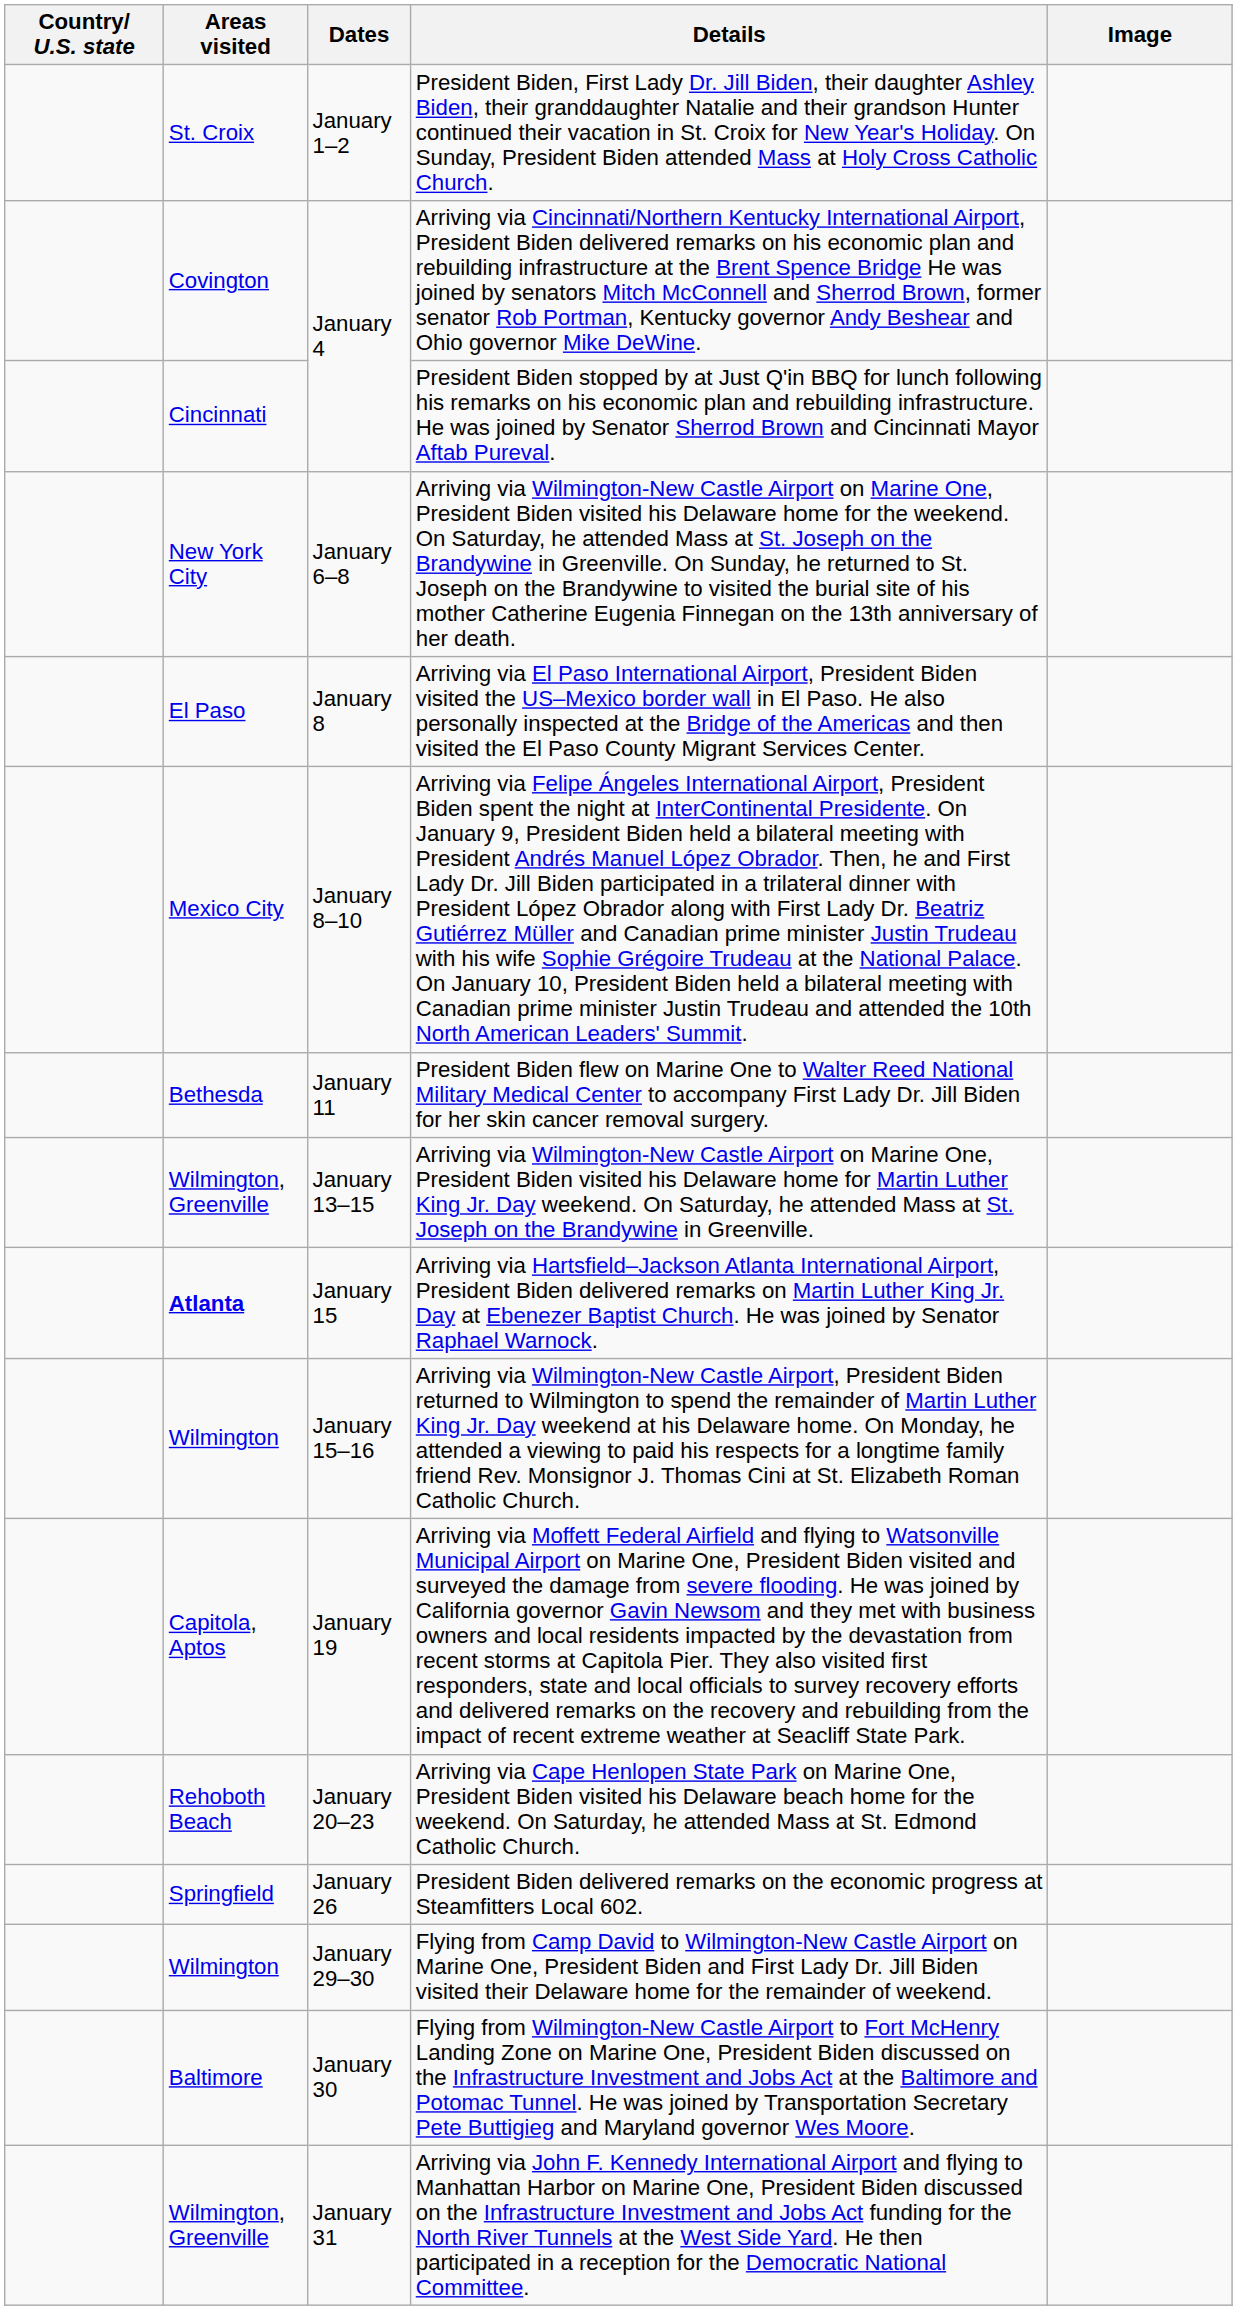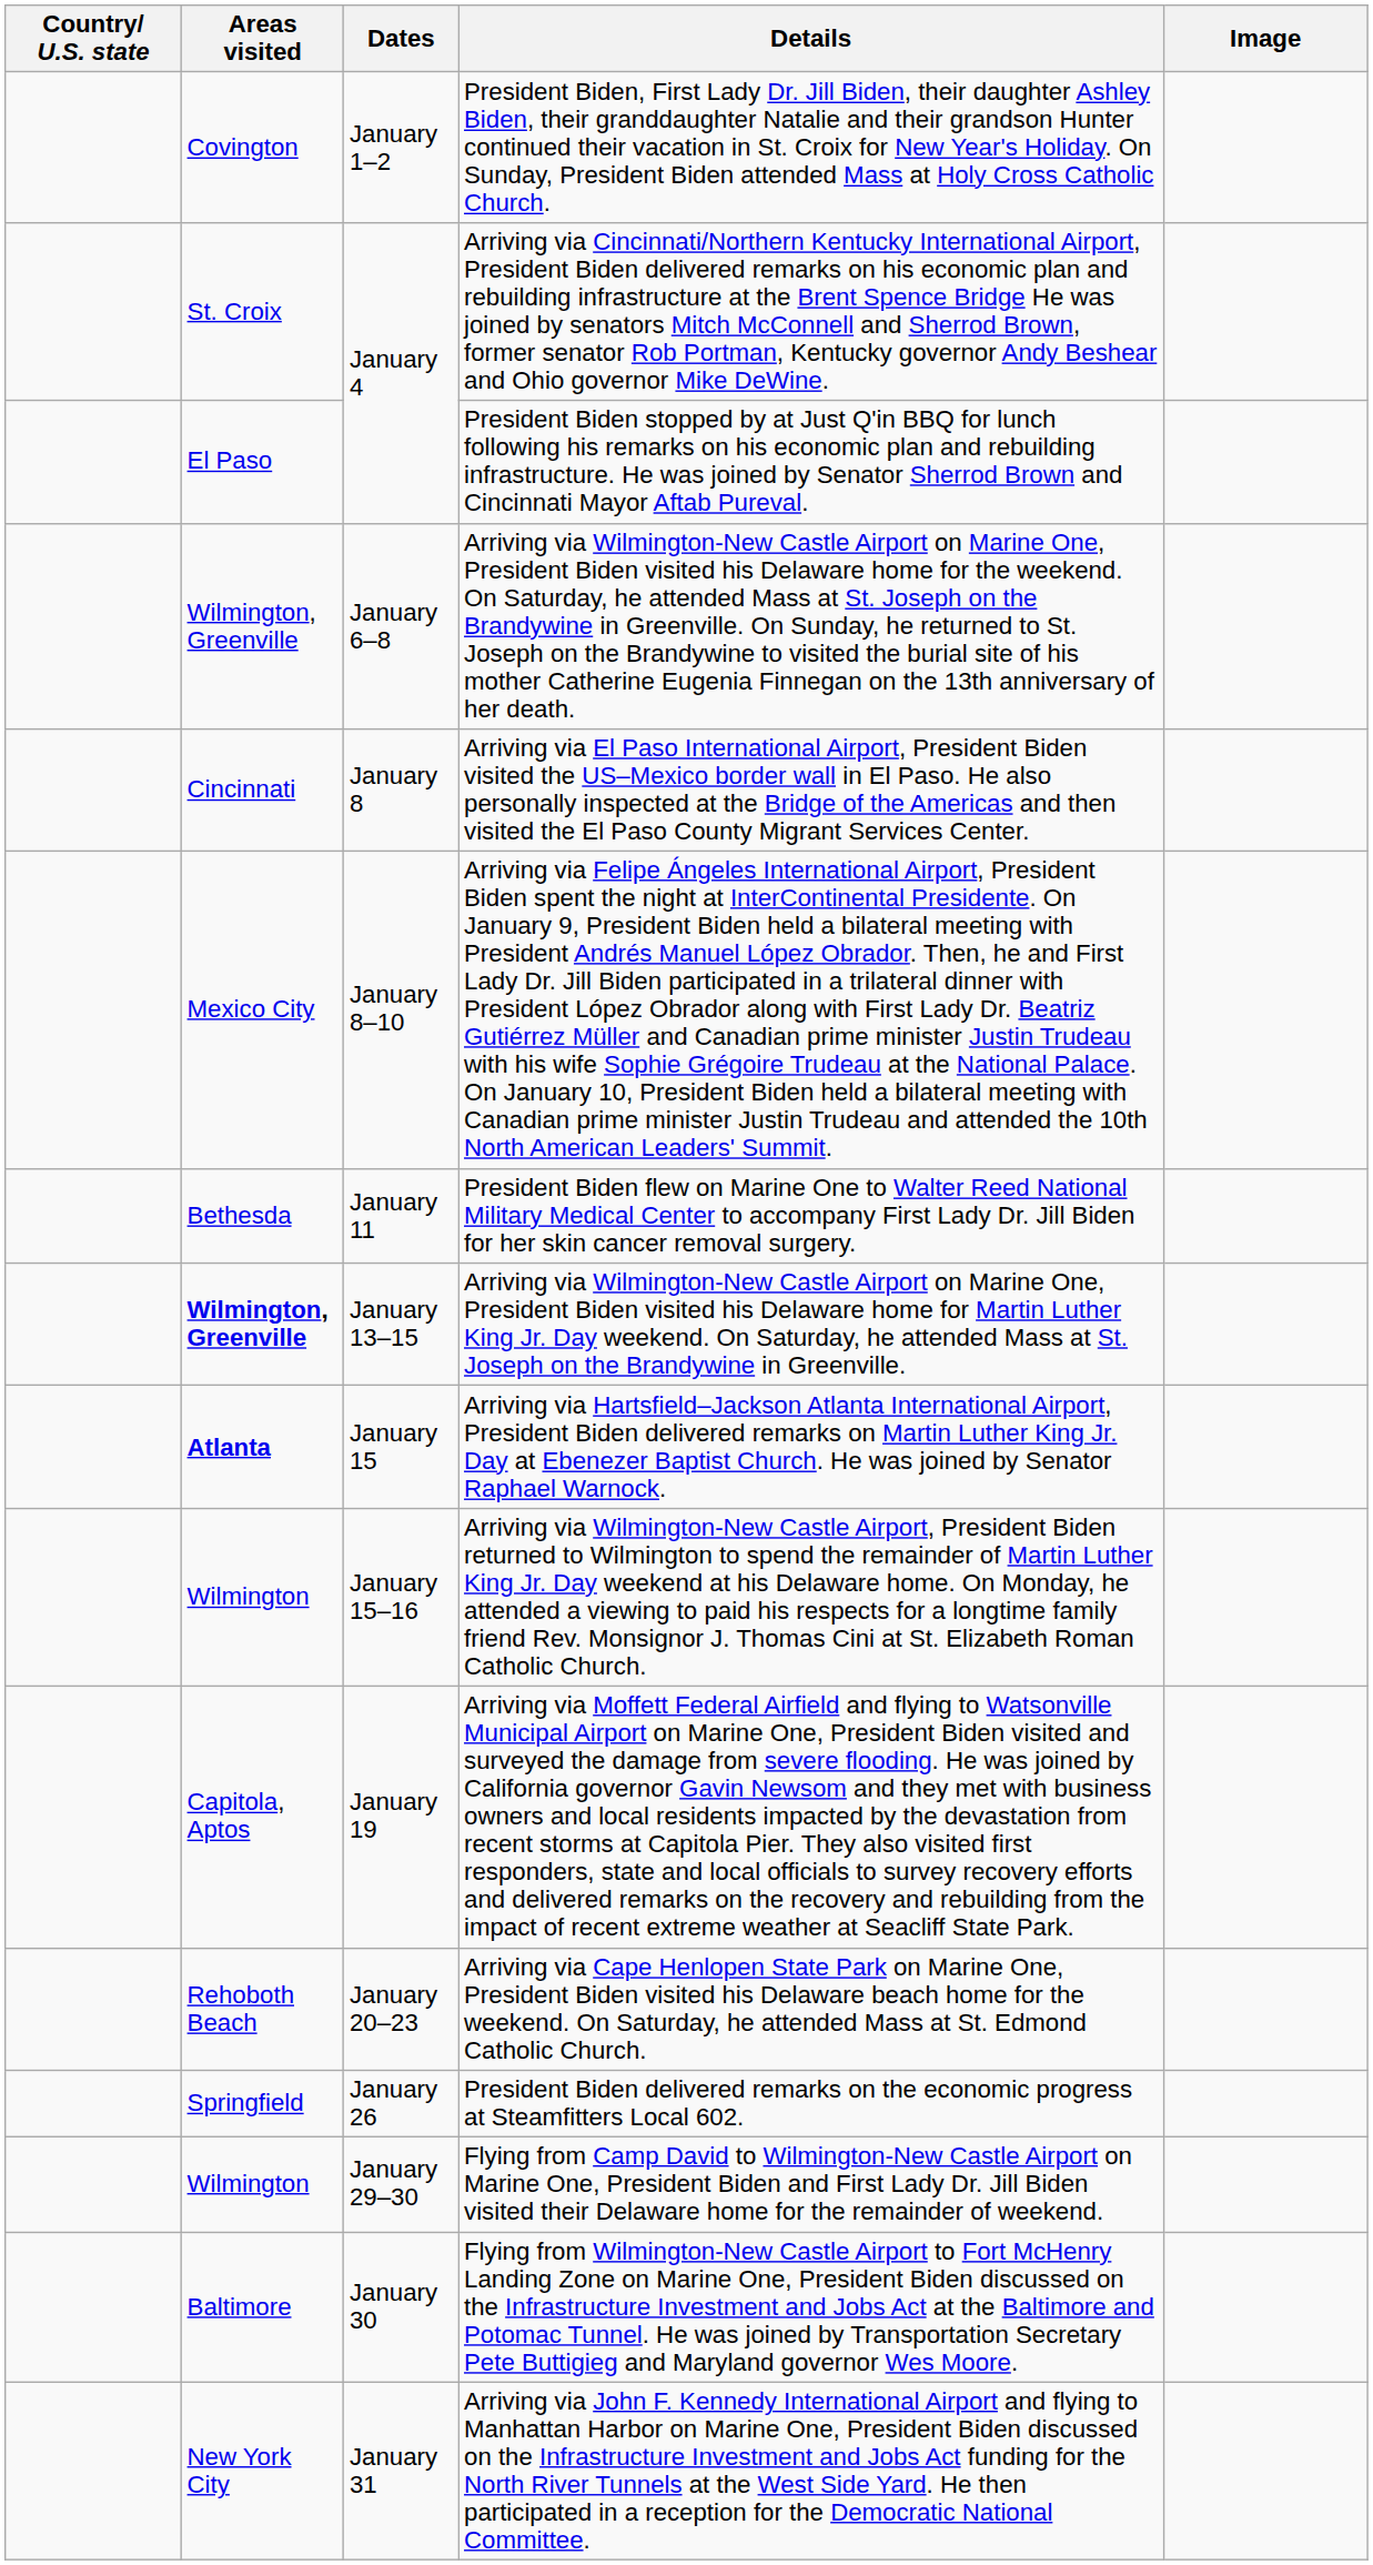 <table class="wikitable" style="margin: 1em auto 1em auto">
 <tr>
 <th width=120>Country/<br><em>U.S. state</em></th>
 <th width=100>Areas visited</th>
 <th width=70>Dates</th>
 <th width=550>Details</th>
 <th width=150>Image</th>
 </tr>
 <tr>
 <td></td>
-<td><a href='#'>St. Croix</a></td>
+<td><a href='#'>Covington</a></td>
 <td>January 1–2</td>
 <td>President Biden, First Lady <a href='#'>Dr. Jill Biden</a>, their daughter <a href='#'>Ashley Biden</a>, their granddaughter Natalie and their grandson Hunter continued their vacation in St. Croix for <a href='#'>New Year's Holiday</a>. On Sunday, President Biden attended <a href='#'>Mass</a> at <a href='#'>Holy Cross Catholic Church</a>.</td>
 <td></td>
 </tr>
 <tr>
 <td></td>
-<td><a href='#'>Covington</a></td>
+<td><a href='#'>St. Croix</a></td>
 <td rowspan="2">January 4</td>
 <td>Arriving via <a href='#'>Cincinnati/Northern Kentucky International Airport</a>, President Biden delivered remarks on his economic plan and rebuilding infrastructure at the <a href='#'>Brent Spence Bridge</a> He was joined by senators <a href='#'>Mitch McConnell</a> and <a href='#'>Sherrod Brown</a>, former senator <a href='#'>Rob Portman</a>, Kentucky governor <a href='#'>Andy Beshear</a> and Ohio governor <a href='#'>Mike DeWine</a>.</td>
 <td></td>
 </tr>
 <tr>
 <td></td>
-<td><a href='#'>Cincinnati</a></td>
+<td><a href='#'>El Paso</a></td>
 <td>President Biden stopped by at Just Q'in BBQ for lunch following his remarks on his economic plan and rebuilding infrastructure. He was joined by Senator <a href='#'>Sherrod Brown</a> and Cincinnati Mayor <a href='#'>Aftab Pureval</a>.</td>
 <td></td>
 </tr>
 <tr>
 <td></td>
-<td><a href='#'>New York City</a></td>
+<td><a href='#'>Wilmington</a>, <a href='#'>Greenville</a></td>
 <td>January 6–8</td>
 <td>Arriving via <a href='#'>Wilmington-New Castle Airport</a> on <a href='#'>Marine One</a>, President Biden visited his Delaware home for the weekend. On Saturday, he attended Mass at <a href='#'>St. Joseph on the Brandywine</a> in Greenville. On Sunday, he returned to St. Joseph on the Brandywine to visited the burial site of his mother Catherine Eugenia Finnegan on the 13th anniversary of her death.</td>
 <td></td>
 </tr>
 <tr>
 <td></td>
-<td><a href='#'>El Paso</a></td>
+<td><a href='#'>Cincinnati</a></td>
 <td>January 8</td>
 <td>Arriving via <a href='#'>El Paso International Airport</a>, President Biden visited the <a href='#'>US–Mexico border wall</a> in El Paso. He also personally inspected at the <a href='#'>Bridge of the Americas</a> and then visited the El Paso County Migrant Services Center.</td>
 <td></td>
 </tr>
 <tr>
 <td></td>
 <td><a href='#'>Mexico City</a></td>
 <td>January 8–10</td>
 <td>Arriving via <a href='#'>Felipe Ángeles International Airport</a>, President Biden spent the night at <a href='#'>InterContinental Presidente</a>. On January 9, President Biden held a bilateral meeting with President <a href='#'>Andrés Manuel López Obrador</a>. Then, he and First Lady Dr. Jill Biden participated in a trilateral dinner with President López Obrador along with First Lady Dr. <a href='#'>Beatriz Gutiérrez Müller</a> and Canadian prime minister <a href='#'>Justin Trudeau</a> with his wife <a href='#'>Sophie Grégoire Trudeau</a> at the <a href='#'>National Palace</a>. On January 10, President Biden held a bilateral meeting with Canadian prime minister Justin Trudeau and attended the 10th <a href='#'>North American Leaders' Summit</a>.</td>
 <td></td>
 </tr>
 <tr>
 <td></td>
 <td><a href='#'>Bethesda</a></td>
 <td>January 11</td>
 <td>President Biden flew on Marine One to <a href='#'>Walter Reed National Military Medical Center</a> to accompany First Lady Dr. Jill Biden for her skin cancer removal surgery.</td>
 <td></td>
 </tr>
 <tr>
 <td></td>
-<td><a href='#'>Wilmington</a>, <a href='#'>Greenville</a></td>
+<td><strong><a href='#'>Wilmington</a>, <a href='#'>Greenville</a></strong></td>
 <td>January 13–15</td>
 <td>Arriving via <a href='#'>Wilmington-New Castle Airport</a> on Marine One, President Biden visited his Delaware home for <a href='#'>Martin Luther King Jr. Day</a> weekend. On Saturday, he attended Mass at <a href='#'>St. Joseph on the Brandywine</a> in Greenville.</td>
 <td></td>
 </tr>
 <tr>
 <td></td>
 <td><strong><a href='#'>Atlanta</a></strong></td>
 <td>January 15</td>
 <td>Arriving via <a href='#'>Hartsfield–Jackson Atlanta International Airport</a>, President Biden delivered remarks on <a href='#'>Martin Luther King Jr. Day</a> at <a href='#'>Ebenezer Baptist Church</a>. He was joined by Senator <a href='#'>Raphael Warnock</a>.</td>
 <td></td>
 </tr>
 <tr>
 <td></td>
 <td><a href='#'>Wilmington</a></td>
 <td>January 15–16</td>
 <td>Arriving via <a href='#'>Wilmington-New Castle Airport</a>, President Biden returned to Wilmington to spend the remainder of <a href='#'>Martin Luther King Jr. Day</a> weekend at his Delaware home. On Monday, he attended a viewing to paid his respects for a longtime family friend Rev. Monsignor J. Thomas Cini at St. Elizabeth Roman Catholic Church.</td>
 <td></td>
 </tr>
 <tr>
 <td></td>
 <td><a href='#'>Capitola</a>, <a href='#'>Aptos</a></td>
 <td>January 19</td>
 <td>Arriving via <a href='#'>Moffett Federal Airfield</a> and flying to <a href='#'>Watsonville Municipal Airport</a> on Marine One, President Biden visited and surveyed the damage from <a href='#'>severe flooding</a>. He was joined by California governor <a href='#'>Gavin Newsom</a> and they met with business owners and local residents impacted by the devastation from recent storms at Capitola Pier. They also visited first responders, state and local officials to survey recovery efforts and delivered remarks on the recovery and rebuilding from the impact of recent extreme weather at Seacliff State Park.</td>
 <td></td>
 </tr>
 <tr>
 <td></td>
 <td><a href='#'>Rehoboth Beach</a></td>
 <td>January 20–23</td>
 <td>Arriving via <a href='#'>Cape Henlopen State Park</a> on Marine One, President Biden visited his Delaware beach home for the weekend. On Saturday, he attended Mass at St. Edmond Catholic Church.</td>
 <td></td>
 </tr>
 <tr>
 <td></td>
 <td><a href='#'>Springfield</a></td>
 <td>January 26</td>
 <td>President Biden delivered remarks on the economic progress at Steamfitters Local 602.</td>
 <td></td>
 </tr>
 <tr>
 <td></td>
 <td><a href='#'>Wilmington</a></td>
 <td>January 29–30</td>
 <td>Flying from <a href='#'>Camp David</a> to <a href='#'>Wilmington-New Castle Airport</a> on Marine One, President Biden and First Lady Dr. Jill Biden visited their Delaware home for the remainder of weekend.</td>
 <td></td>
 </tr>
 <tr>
 <td></td>
 <td><a href='#'>Baltimore</a></td>
 <td>January 30</td>
 <td>Flying from <a href='#'>Wilmington-New Castle Airport</a> to <a href='#'>Fort McHenry</a> Landing Zone on Marine One, President Biden discussed on the <a href='#'>Infrastructure Investment and Jobs Act</a> at the <a href='#'>Baltimore and Potomac Tunnel</a>. He was joined by Transportation Secretary <a href='#'>Pete Buttigieg</a> and Maryland governor <a href='#'>Wes Moore</a>.</td>
 <td><br></td>
 </tr>
 <tr>
 <td></td>
-<td><a href='#'>Wilmington</a>, <a href='#'>Greenville</a></td>
+<td><a href='#'>New York City</a></td>
 <td>January 31</td>
 <td>Arriving via <a href='#'>John F. Kennedy International Airport</a> and flying to Manhattan Harbor on Marine One, President Biden discussed on the <a href='#'>Infrastructure Investment and Jobs Act</a> funding for the <a href='#'>North River Tunnels</a> at the <a href='#'>West Side Yard</a>. He then participated in a reception for the <a href='#'>Democratic National Committee</a>.</td>
 <td></td>
 </tr>
 </table>
